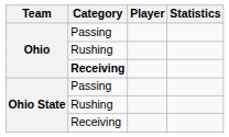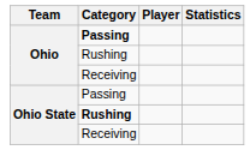 <table class="wikitable" style="float:right">
 <tr>
 <th>Team</th>
 <th>Category</th>
 <th>Player</th>
 <th>Statistics</th>
 </tr>
 <tr>
 <th rowspan=3>Ohio</th>
-<td>Passing</td>
-<td></td>
-<td></td>
-</tr>
-<tr>
-<td>Rushing</td>
-<td></td>
-<td></td>
-</tr>
-<tr>
-<td><strong>Receiving</strong></td>
-<td></td>
-<td></td>
-</tr>
-<tr>
-<th rowspan=3>Ohio State</th>
-<td>Passing</td>
+<td><strong>Passing</strong></td>
 <td></td>
 <td></td>
 </tr>
 <tr>
 <td>Rushing</td>
 <td></td>
 <td></td>
 </tr>
 <tr>
 <td>Receiving</td>
 <td></td>
 <td></td>
 </tr>
+<tr>
+<th rowspan=3>Ohio State</th>
+<td>Passing</td>
+<td></td>
+<td></td>
+</tr>
+<tr>
+<td><strong>Rushing</strong></td>
+<td></td>
+<td></td>
+</tr>
+<tr>
+<td>Receiving</td>
+<td></td>
+<td></td>
+</tr>
 </table>
